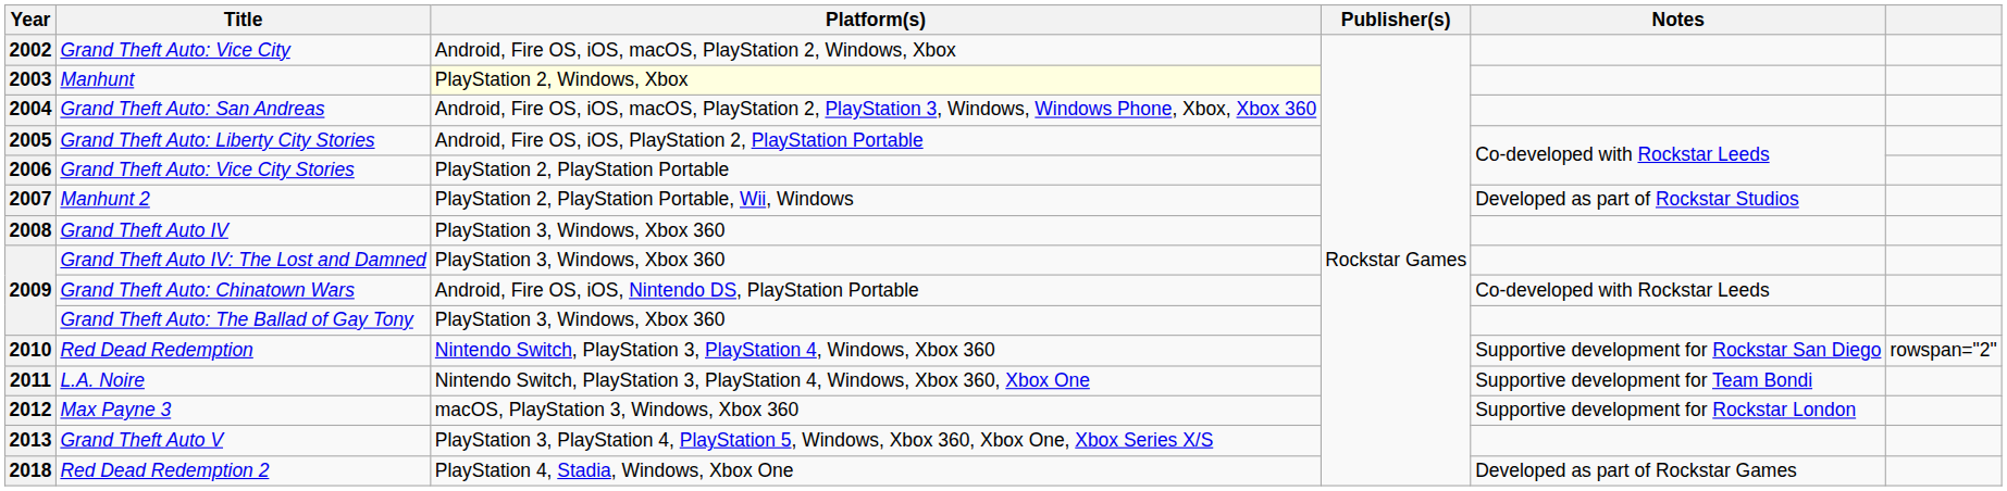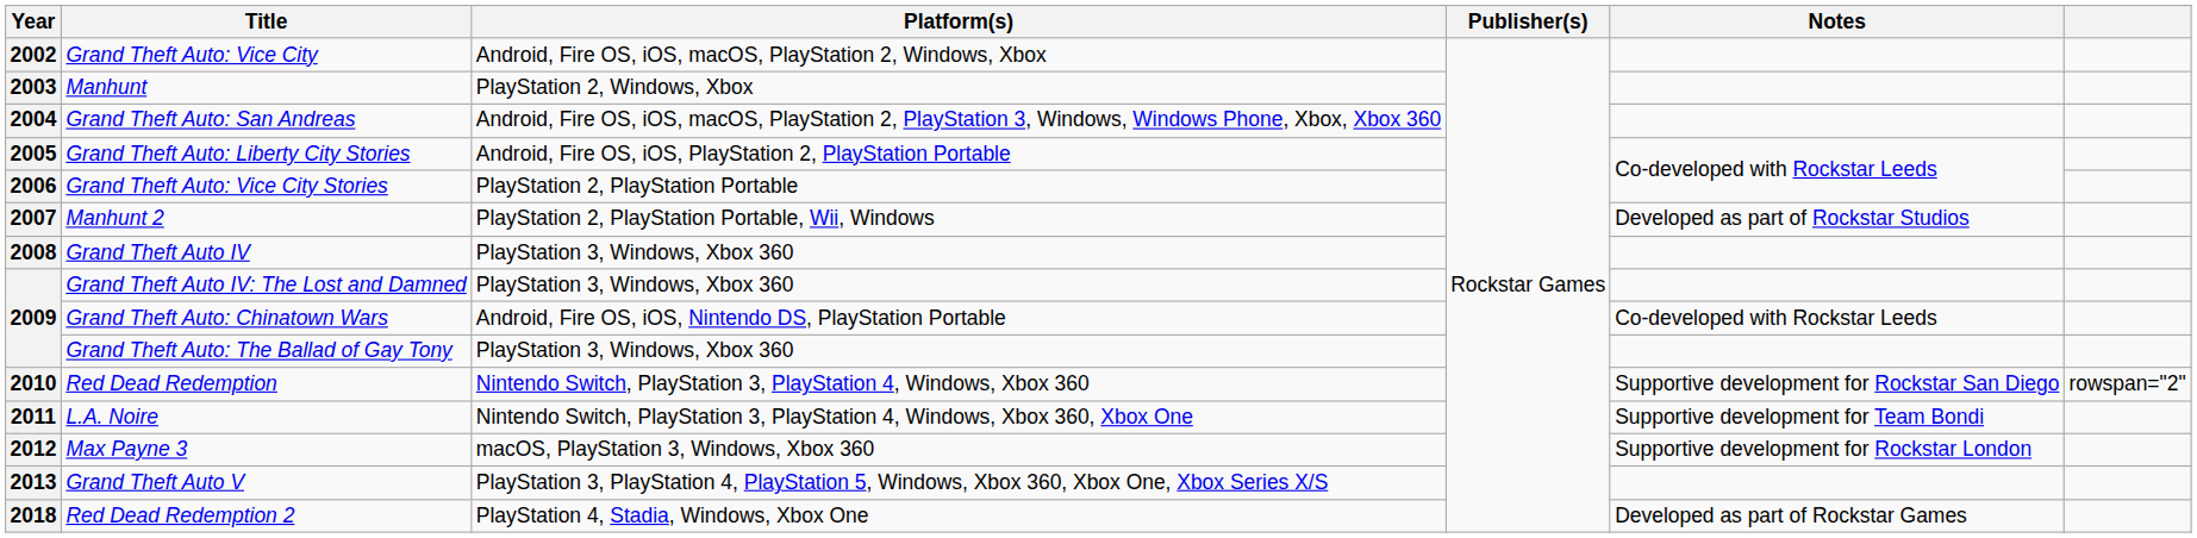 <table class="wikitable sortable plainrowheaders">
 <tr>
 <th scope="col">Year</th>
 <th scope="col">Title</th>
 <th scope="col">Platform(s)</th>
 <th scope="col">Publisher(s)</th>
 <th scope="col" class="unsortable">Notes</th>
 <th scope="col" class="unsortable"></th>
 </tr>
 <tr>
 <th scope="row">2002</th>
 <td><em><a href='#'>Grand Theft Auto: Vice City</a></em></td>
 <td>Android, Fire OS, iOS, macOS, PlayStation 2, Windows, Xbox</td>
 <td rowspan="15">Rockstar Games</td>
 <td></td>
 <td></td>
 </tr>
 <tr>
 <th scope="row">2003</th>
 <td><em><a href='#'>Manhunt</a></em></td>
-<td style="background: lightyellow;">PlayStation 2, Windows, Xbox</td>
+<td>PlayStation 2, Windows, Xbox</td>
 <td></td>
 <td></td>
 </tr>
 <tr>
 <th scope="row">2004</th>
 <td><em><a href='#'>Grand Theft Auto: San Andreas</a></em></td>
 <td>Android, Fire OS, iOS, macOS, PlayStation 2, <a href='#'>PlayStation 3</a>, Windows, <a href='#'>Windows Phone</a>, Xbox, <a href='#'>Xbox 360</a></td>
 <td></td>
 <td></td>
 </tr>
 <tr>
 <th scope="row">2005</th>
 <td><em><a href='#'>Grand Theft Auto: Liberty City Stories</a></em></td>
 <td>Android, Fire OS, iOS, PlayStation 2, <a href='#'>PlayStation Portable</a></td>
 <td rowspan="2">Co-developed with <a href='#'>Rockstar Leeds</a></td>
 <td></td>
 </tr>
 <tr>
 <th scope="row">2006</th>
 <td><em><a href='#'>Grand Theft Auto: Vice City Stories</a></em></td>
 <td>PlayStation 2, PlayStation Portable</td>
 <td></td>
 </tr>
 <tr>
 <th scope="row">2007</th>
 <td><em><a href='#'>Manhunt 2</a></em></td>
 <td>PlayStation 2, PlayStation Portable, <a href='#'>Wii</a>, Windows</td>
 <td>Developed as part of <a href='#'>Rockstar Studios</a></td>
 <td></td>
 </tr>
 <tr>
 <th scope="row">2008</th>
 <td><em><a href='#'>Grand Theft Auto IV</a></em></td>
 <td>PlayStation 3, Windows, Xbox 360</td>
 <td></td>
 <td></td>
 </tr>
 <tr>
 <th scope="row" rowspan="3">2009</th>
 <td><em><a href='#'>Grand Theft Auto IV: The Lost and Damned</a></em></td>
 <td>PlayStation 3, Windows, Xbox 360</td>
 <td></td>
 <td></td>
 </tr>
 <tr>
 <td><em><a href='#'>Grand Theft Auto: Chinatown Wars</a></em></td>
 <td>Android, Fire OS, iOS, <a href='#'>Nintendo DS</a>, PlayStation Portable</td>
 <td>Co-developed with Rockstar Leeds</td>
 <td></td>
 </tr>
 <tr>
 <td><em><a href='#'>Grand Theft Auto: The Ballad of Gay Tony</a></em></td>
 <td>PlayStation 3, Windows, Xbox 360</td>
 <td></td>
 <td></td>
 </tr>
 <tr>
 <th scope="row">2010</th>
 <td><em><a href='#'>Red Dead Redemption</a></em></td>
 <td><a href='#'>Nintendo Switch</a>, PlayStation 3, <a href='#'>PlayStation 4</a>, Windows, Xbox 360</td>
 <td>Supportive development for <a href='#'>Rockstar San Diego</a></td>
 <td>rowspan="2" </td>
 </tr>
 <tr>
 <th scope="row">2011</th>
 <td><em><a href='#'>L.A. Noire</a></em></td>
 <td>Nintendo Switch, PlayStation 3, PlayStation 4, Windows, Xbox 360, <a href='#'>Xbox One</a></td>
 <td>Supportive development for <a href='#'>Team Bondi</a></td>
 </tr>
 <tr>
 <th scope="row">2012</th>
 <td><em><a href='#'>Max Payne 3</a></em></td>
 <td>macOS, PlayStation 3, Windows, Xbox 360</td>
 <td>Supportive development for <a href='#'>Rockstar London</a></td>
 <td></td>
 </tr>
 <tr>
 <th scope="row">2013</th>
 <td><em><a href='#'>Grand Theft Auto V</a></em></td>
 <td>PlayStation 3, PlayStation 4, <a href='#'>PlayStation 5</a>, Windows, Xbox 360, Xbox One, <a href='#'>Xbox Series X/S</a></td>
 <td></td>
 <td></td>
 </tr>
 <tr>
 <th scope="row">2018</th>
 <td><em><a href='#'>Red Dead Redemption 2</a></em></td>
 <td>PlayStation 4, <a href='#'>Stadia</a>, Windows, Xbox One</td>
 <td>Developed as part of Rockstar Games</td>
 <td></td>
 </tr>
 </table>
